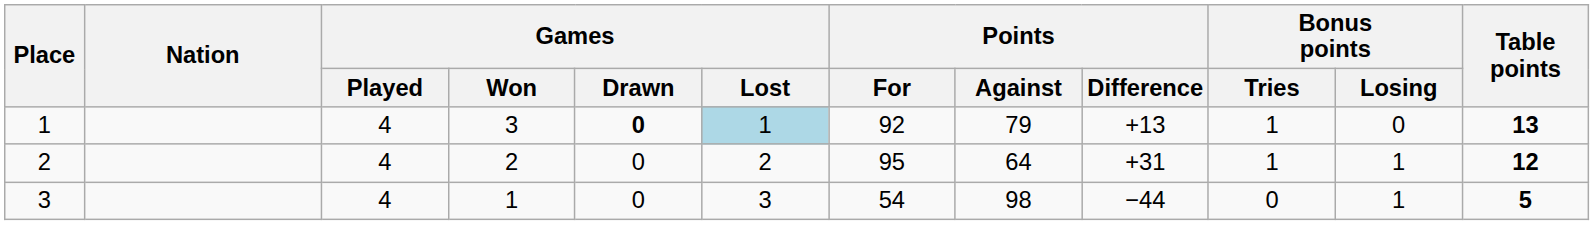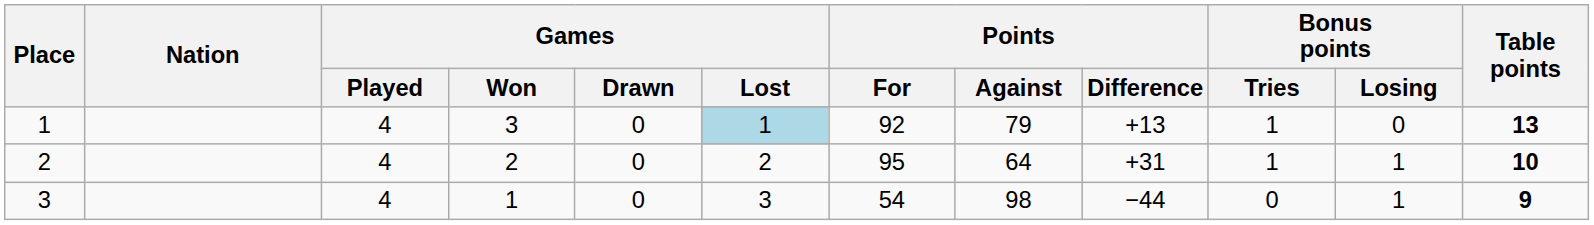 <table class="wikitable" style="text-align:center">
 <tr>
 <th rowspan=2 width="5%">Place</th>
 <th rowspan=2 width="15%">Nation</th>
 <th colspan=4 width="32%">Games</th>
 <th colspan=3 width="18%">Points</th>
 <th colspan=2 width="16%">Bonus<br>points</th>
 <th rowspan=2 width="10%">Table<br>points</th>
 </tr>
 <tr>
 <th width="8%">Played</th>
 <th width="8%">Won</th>
 <th width="8%">Drawn</th>
 <th width="8%">Lost</th>
 <th width="8%">For</th>
 <th width="8%">Against</th>
 <th width="8%">Difference</th>
 <th width="8%">Tries</th>
 <th width="8%">Losing</th>
 </tr>
 <tr>
 <td>1</td>
 <td align=left></td>
 <td>4</td>
 <td>3</td>
-<td><strong>0</strong></td>
+<td>0</td>
 <td style="background: lightblue;">1</td>
 <td>92</td>
 <td>79</td>
 <td>+13</td>
 <td>1</td>
 <td>0</td>
 <td><strong>13</strong></td>
 </tr>
 <tr>
 <td>2</td>
 <td align=left></td>
 <td>4</td>
 <td>2</td>
 <td>0</td>
 <td>2</td>
 <td>95</td>
 <td>64</td>
 <td>+31</td>
 <td>1</td>
 <td>1</td>
-<td><strong>12</strong></td>
+<td><strong>10</strong></td>
 </tr>
 <tr>
 <td>3</td>
 <td align=left></td>
 <td>4</td>
 <td>1</td>
 <td>0</td>
 <td>3</td>
 <td>54</td>
 <td>98</td>
 <td>−44</td>
 <td>0</td>
 <td>1</td>
-<td><strong>5</strong></td>
+<td><strong>9</strong></td>
 </tr>
 </table>
